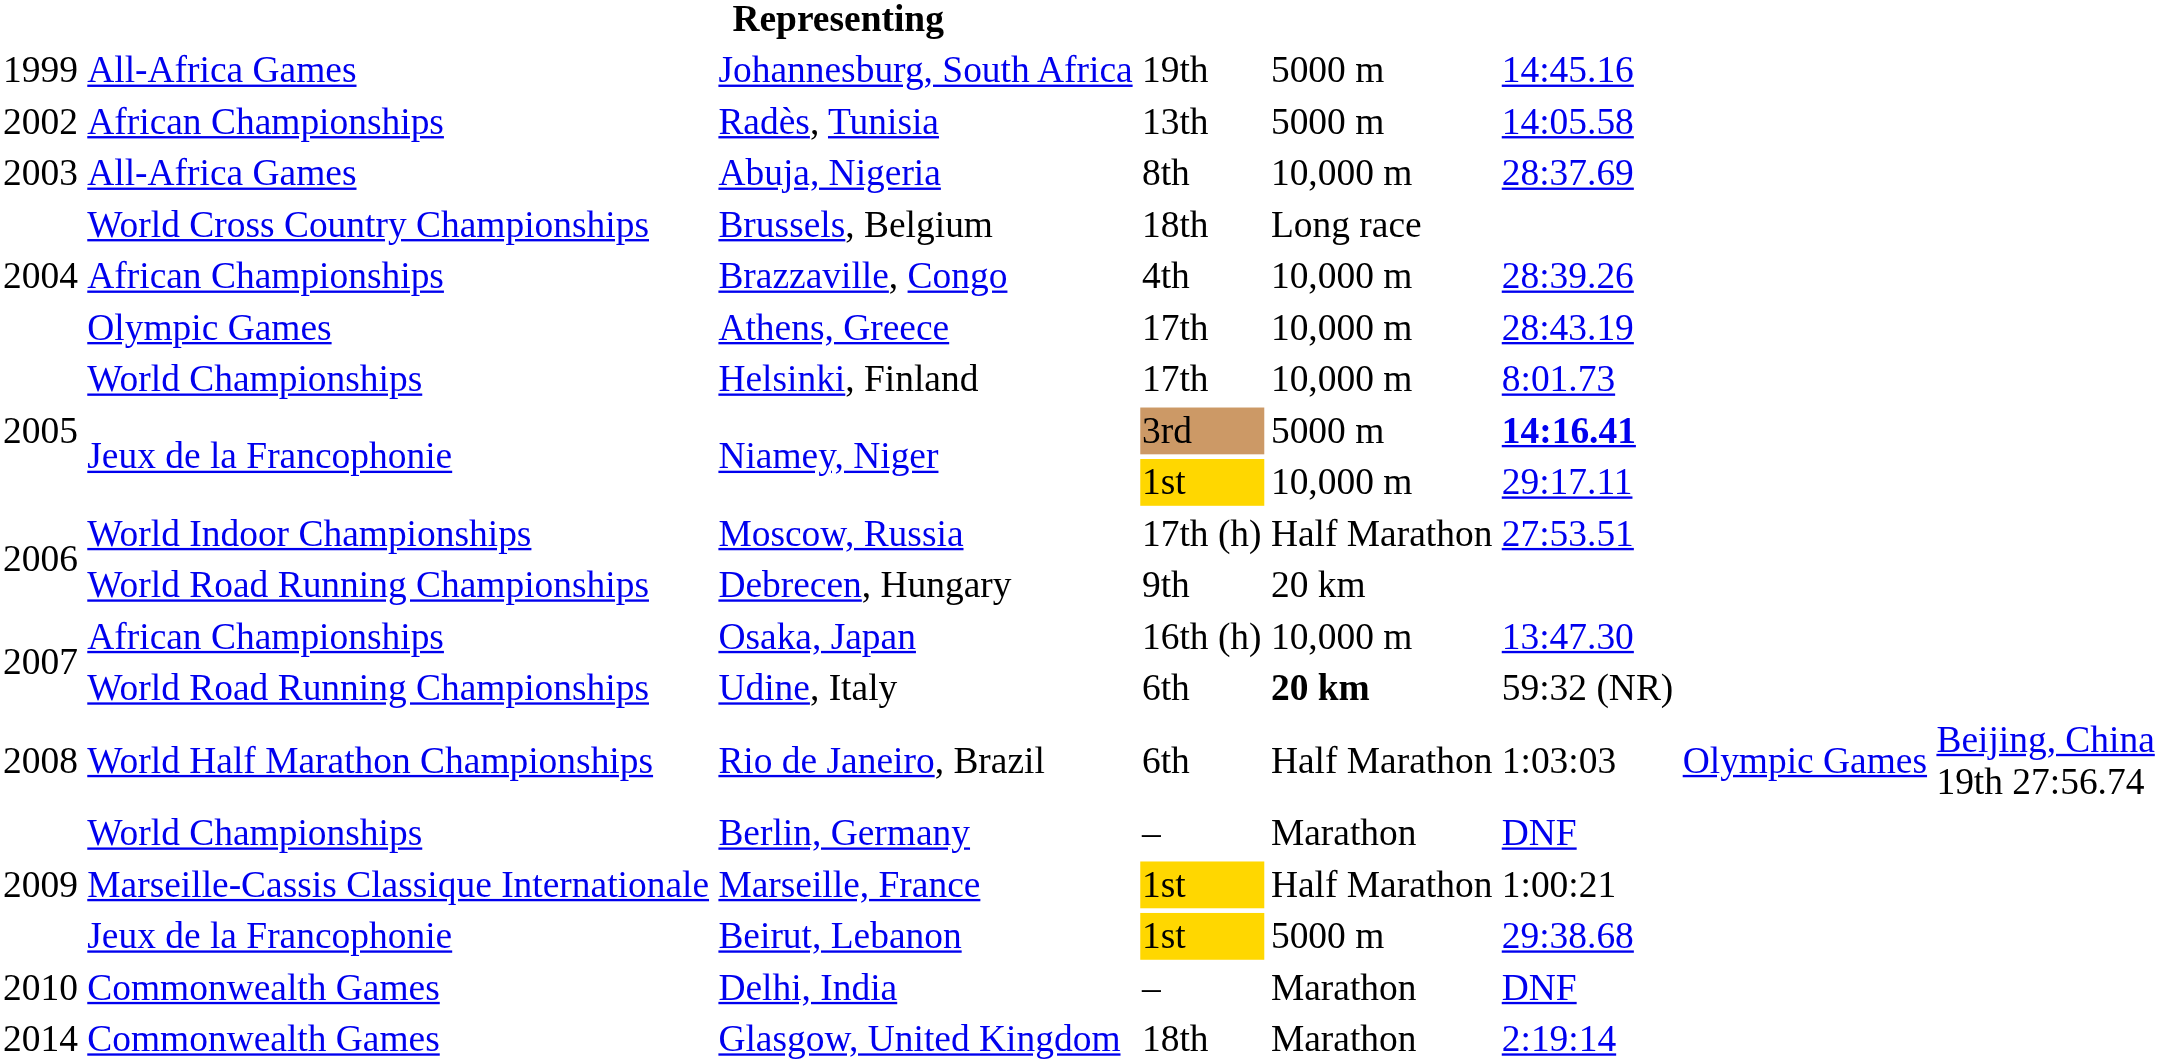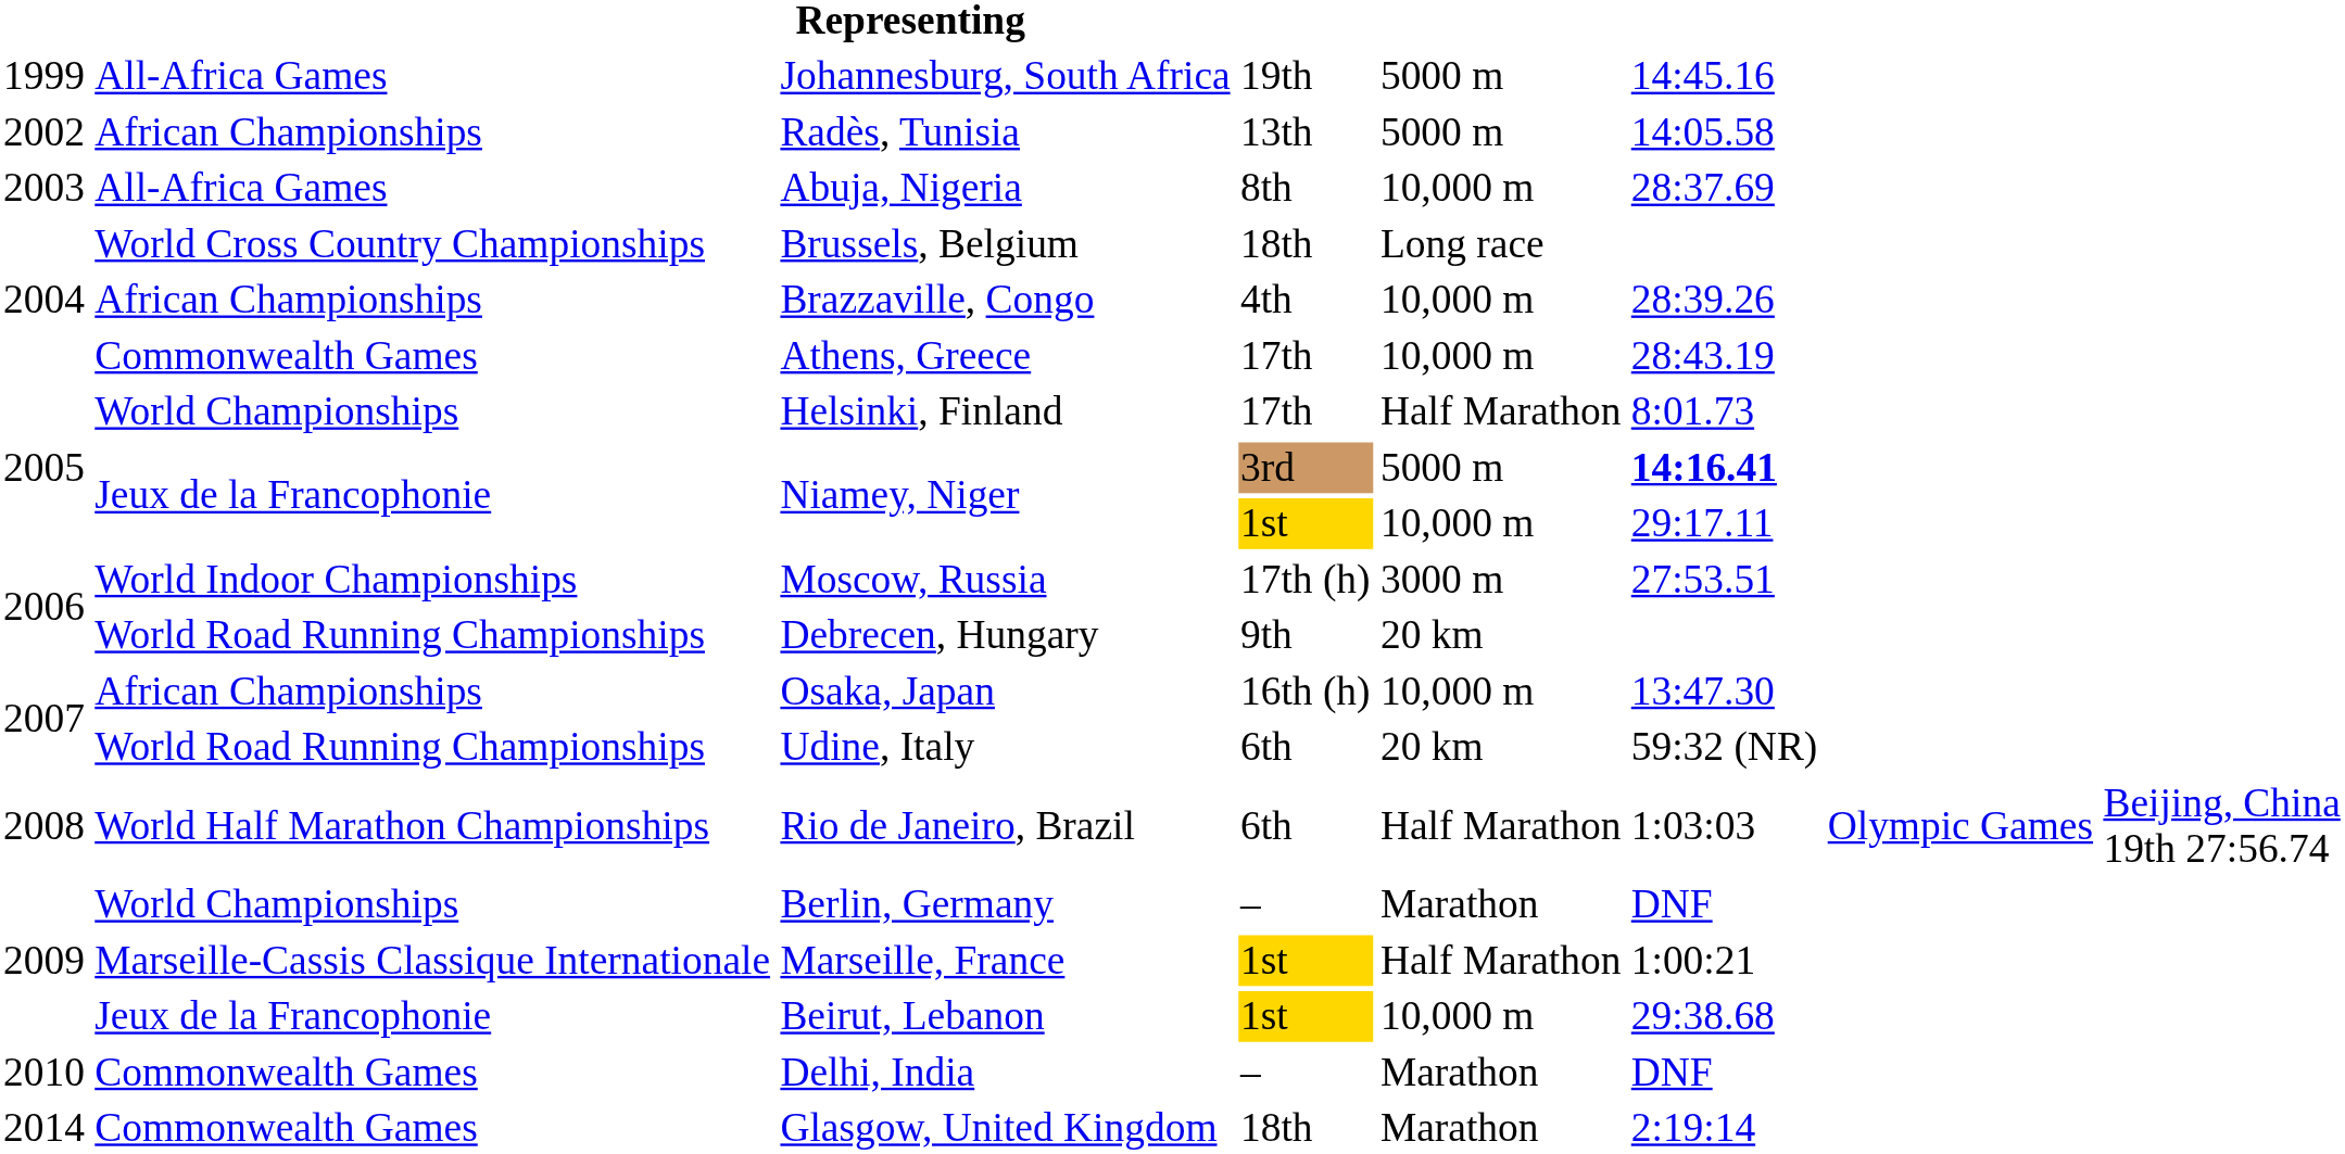 <table>
 <tr>
 <th colspan="6">Representing </th>
 </tr>
 <tr>
 <td>1999</td>
 <td><a href='#'>All-Africa Games</a></td>
 <td><a href='#'>Johannesburg, South Africa</a></td>
 <td>19th</td>
 <td>5000 m</td>
 <td><a href='#'>14:45.16</a></td>
 </tr>
 <tr>
 <td>2002</td>
 <td><a href='#'>African Championships</a></td>
 <td><a href='#'>Radès</a>, <a href='#'>Tunisia</a></td>
 <td>13th</td>
 <td>5000 m</td>
 <td><a href='#'>14:05.58</a></td>
 </tr>
 <tr>
 <td>2003</td>
 <td><a href='#'>All-Africa Games</a></td>
 <td><a href='#'>Abuja, Nigeria</a></td>
 <td>8th</td>
 <td>10,000 m</td>
 <td><a href='#'>28:37.69</a></td>
 </tr>
 <tr>
 <td rowspan=3>2004</td>
 <td><a href='#'>World Cross Country Championships</a></td>
 <td><a href='#'>Brussels</a>, Belgium</td>
 <td>18th</td>
 <td>Long race</td>
 <td></td>
 </tr>
 <tr>
 <td><a href='#'>African Championships</a></td>
 <td><a href='#'>Brazzaville</a>, <a href='#'>Congo</a></td>
 <td>4th</td>
 <td>10,000 m</td>
 <td><a href='#'>28:39.26</a></td>
 </tr>
 <tr>
-<td><a href='#'>Olympic Games</a></td>
+<td><a href='#'>Commonwealth Games</a></td>
 <td><a href='#'>Athens, Greece</a></td>
 <td>17th</td>
 <td>10,000 m</td>
 <td><a href='#'>28:43.19</a></td>
 </tr>
 <tr>
 <td rowspan=3>2005</td>
 <td><a href='#'>World Championships</a></td>
 <td><a href='#'>Helsinki</a>, Finland</td>
 <td>17th</td>
-<td>10,000 m</td>
+<td>Half Marathon</td>
 <td><a href='#'>8:01.73</a></td>
 </tr>
 <tr>
 <td rowspan=2><a href='#'>Jeux de la Francophonie</a></td>
 <td rowspan=2><a href='#'>Niamey, Niger</a></td>
 <td bgcolor=cc9966>3rd</td>
 <td>5000 m</td>
 <td><strong><a href='#'>14:16.41</a></strong></td>
 </tr>
 <tr>
 <td bgcolor=gold>1st</td>
 <td>10,000 m</td>
 <td><a href='#'>29:17.11</a></td>
 </tr>
 <tr>
 <td rowspan=2>2006</td>
 <td><a href='#'>World Indoor Championships</a></td>
 <td><a href='#'>Moscow, Russia</a></td>
 <td>17th (h)</td>
-<td>Half Marathon</td>
+<td>3000 m</td>
 <td><a href='#'>27:53.51</a></td>
 </tr>
 <tr>
 <td><a href='#'>World Road Running Championships</a></td>
 <td><a href='#'>Debrecen</a>, Hungary</td>
 <td>9th</td>
 <td>20 km</td>
 <td></td>
 </tr>
 <tr>
 <td rowspan=2>2007</td>
 <td><a href='#'>African Championships</a></td>
 <td><a href='#'>Osaka, Japan</a></td>
 <td>16th (h)</td>
 <td>10,000 m</td>
 <td><a href='#'>13:47.30</a></td>
 </tr>
 <tr>
 <td><a href='#'>World Road Running Championships</a></td>
 <td><a href='#'>Udine</a>, Italy</td>
 <td>6th</td>
-<td><strong>20 km</strong></td>
+<td>20 km</td>
 <td>59:32 (NR)</td>
 </tr>
 <tr>
 <td>2008</td>
 <td><a href='#'>World Half Marathon Championships</a></td>
 <td><a href='#'>Rio de Janeiro</a>, Brazil</td>
 <td>6th</td>
 <td>Half Marathon</td>
 <td>1:03:03</td>
 <td><a href='#'>Olympic Games</a></td>
 <td><a href='#'>Beijing, China</a><br>19th  27:56.74</td>
 </tr>
 <tr>
 <td rowspan=3>2009</td>
 <td><a href='#'>World Championships</a></td>
 <td><a href='#'>Berlin, Germany</a></td>
 <td>–</td>
 <td>Marathon</td>
 <td><a href='#'>DNF</a></td>
 </tr>
 <tr>
 <td><a href='#'>Marseille-Cassis Classique Internationale</a></td>
 <td><a href='#'>Marseille, France</a></td>
 <td bgcolor="gold">1st</td>
 <td>Half Marathon</td>
 <td>1:00:21</td>
 </tr>
 <tr>
 <td><a href='#'>Jeux de la Francophonie</a></td>
 <td><a href='#'>Beirut, Lebanon</a></td>
 <td bgcolor=gold>1st</td>
-<td>5000 m</td>
+<td>10,000 m</td>
 <td><a href='#'>29:38.68</a></td>
 </tr>
 <tr>
 <td>2010</td>
 <td><a href='#'>Commonwealth Games</a></td>
 <td><a href='#'>Delhi, India</a></td>
 <td>–</td>
 <td>Marathon</td>
 <td><a href='#'>DNF</a></td>
 </tr>
 <tr>
 <td>2014</td>
 <td><a href='#'>Commonwealth Games</a></td>
 <td><a href='#'>Glasgow, United Kingdom</a></td>
 <td>18th</td>
 <td>Marathon</td>
 <td><a href='#'>2:19:14</a></td>
 </tr>
 </table>
